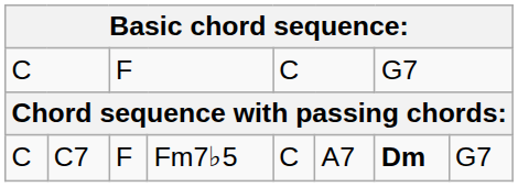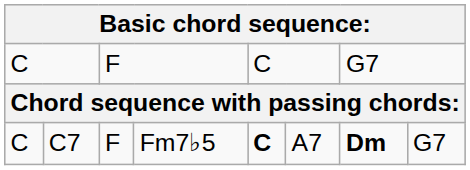 <table class="wikitable">
 <tr>
 <th colspan=8>Basic chord sequence:</th>
 </tr>
 <tr>
 <td colspan=2>C</td>
 <td colspan=2>F</td>
 <td colspan=2>C</td>
 <td colspan=2>G7</td>
 </tr>
 <tr>
 <th colspan=8>Chord sequence with passing chords:</th>
 </tr>
 <tr>
 <td>C</td>
 <td>C7</td>
 <td>F</td>
 <td>Fm7♭5</td>
-<td>C</td>
+<td><strong>C</strong></td>
 <td>A7</td>
 <td><strong>Dm</strong></td>
 <td>G7</td>
 </tr>
 </table>
